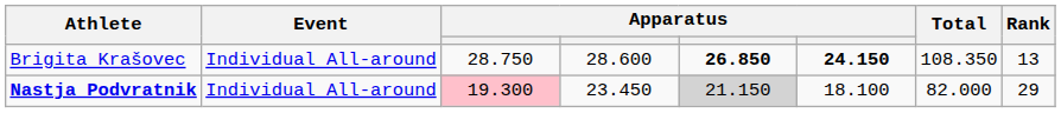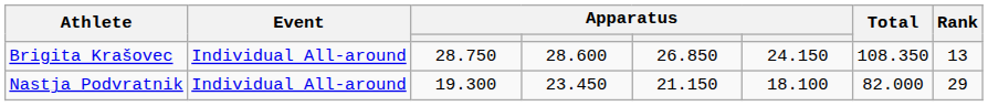 <table class="wikitable" style="font-size:90%; text-align:center">
 <tr>
 <th rowspan="2">Athlete</th>
 <th rowspan="2">Event</th>
 <th colspan="4">Apparatus</th>
 <th rowspan="2">Total</th>
 <th rowspan="2">Rank</th>
 </tr>
 <tr>
 <th style="width:6em"></th>
 <th style="width:6em"></th>
 <th style="width:6em"></th>
 <th style="width:6em"></th>
 </tr>
 <tr>
 <td align="left"><a href='#'>Brigita Krašovec</a></td>
 <td align="left"><a href='#'>Individual All-around</a></td>
 <td>28.750</td>
 <td>28.600</td>
-<td><strong>26.850</strong></td>
-<td><strong>24.150</strong></td>
+<td>26.850</td>
+<td>24.150</td>
 <td>108.350</td>
 <td>13</td>
 </tr>
 <tr>
-<td align="left"><strong><a href='#'>Nastja Podvratnik</a></strong></td>
+<td align="left"><a href='#'>Nastja Podvratnik</a></td>
 <td align="left"><a href='#'>Individual All-around</a></td>
-<td style="background: pink;">19.300</td>
+<td>19.300</td>
 <td>23.450</td>
-<td style="background: lightgrey;">21.150</td>
+<td>21.150</td>
 <td>18.100</td>
 <td>82.000</td>
 <td>29</td>
 </tr>
 </table>
